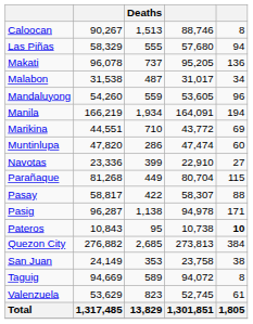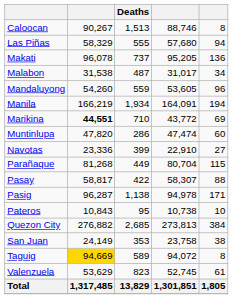 <table class="wikitable sortable plainrowheaders floatright" style="text-align:left; font-size:90%; width:auto; clear:right; margin:0 0 0.5em 1em;">
 <tr>
 <th></th>
 <th></th>
 <th>Deaths</th>
 <th></th>
 <th></th>
 </tr>
 <tr>
 <td><a href='#'>Caloocan</a></td>
 <td style="text-align:right;">90,267</td>
 <td style="text-align:right;">1,513</td>
 <td style="text-align:right;">88,746</td>
 <td style="text-align:right;">8</td>
 </tr>
 <tr>
 <td><a href='#'>Las Piñas</a></td>
 <td style="text-align:right;">58,329</td>
 <td style="text-align:right;">555</td>
 <td style="text-align:right;">57,680</td>
 <td style="text-align:right;">94</td>
 </tr>
 <tr>
 <td><a href='#'>Makati</a></td>
 <td style="text-align:right;">96,078</td>
 <td style="text-align:right;">737</td>
 <td style="text-align:right;">95,205</td>
 <td style="text-align:right;">136</td>
 </tr>
 <tr>
 <td><a href='#'>Malabon</a></td>
 <td style="text-align:right;">31,538</td>
 <td style="text-align:right;">487</td>
 <td style="text-align:right;">31,017</td>
 <td style="text-align:right;">34</td>
 </tr>
 <tr>
 <td><a href='#'>Mandaluyong</a></td>
 <td style="text-align:right;">54,260</td>
 <td style="text-align:right;">559</td>
 <td style="text-align:right;">53,605</td>
 <td style="text-align:right;">96</td>
 </tr>
 <tr>
 <td><a href='#'>Manila</a></td>
 <td style="text-align:right;">166,219</td>
 <td style="text-align:right;">1,934</td>
 <td style="text-align:right;">164,091</td>
 <td style="text-align:right;">194</td>
 </tr>
 <tr>
 <td><a href='#'>Marikina</a></td>
-<td style="text-align:right;">44,551</td>
+<td style="text-align:right;"><strong>44,551</strong></td>
 <td style="text-align:right;">710</td>
 <td style="text-align:right;">43,772</td>
 <td style="text-align:right;">69</td>
 </tr>
 <tr>
 <td><a href='#'>Muntinlupa</a></td>
 <td style="text-align:right;">47,820</td>
 <td style="text-align:right;">286</td>
 <td style="text-align:right;">47,474</td>
 <td style="text-align:right;">60</td>
 </tr>
 <tr>
 <td><a href='#'>Navotas</a></td>
 <td style="text-align:right;">23,336</td>
 <td style="text-align:right;">399</td>
 <td style="text-align:right;">22,910</td>
 <td style="text-align:right;">27</td>
 </tr>
 <tr>
 <td><a href='#'>Parañaque</a></td>
 <td style="text-align:right;">81,268</td>
 <td style="text-align:right;">449</td>
 <td style="text-align:right;">80,704</td>
 <td style="text-align:right;">115</td>
 </tr>
 <tr>
 <td><a href='#'>Pasay</a></td>
 <td style="text-align:right;">58,817</td>
 <td style="text-align:right;">422</td>
 <td style="text-align:right;">58,307</td>
 <td style="text-align:right;">88</td>
 </tr>
 <tr>
 <td><a href='#'>Pasig</a></td>
 <td style="text-align:right;">96,287</td>
 <td style="text-align:right;">1,138</td>
 <td style="text-align:right;">94,978</td>
 <td style="text-align:right;">171</td>
 </tr>
 <tr>
 <td><a href='#'>Pateros</a></td>
 <td style="text-align:right;">10,843</td>
 <td style="text-align:right;">95</td>
 <td style="text-align:right;">10,738</td>
-<td style="text-align:right;"><strong>10</strong></td>
+<td style="text-align:right;">10</td>
 </tr>
 <tr>
 <td><a href='#'>Quezon City</a></td>
 <td style="text-align:right;">276,882</td>
 <td style="text-align:right;">2,685</td>
 <td style="text-align:right;">273,813</td>
 <td style="text-align:right;">384</td>
 </tr>
 <tr>
 <td><a href='#'>San Juan</a></td>
 <td style="text-align:right;">24,149</td>
 <td style="text-align:right;">353</td>
 <td style="text-align:right;">23,758</td>
 <td style="text-align:right;">38</td>
 </tr>
 <tr>
 <td><a href='#'>Taguig</a></td>
-<td style="text-align:right;">94,669</td>
+<td style="background: gold; text-align:right;">94,669</td>
 <td style="text-align:right;">589</td>
 <td style="text-align:right;">94,072</td>
 <td style="text-align:right;">8</td>
 </tr>
 <tr>
 <td><a href='#'>Valenzuela</a></td>
 <td style="text-align:right;">53,629</td>
 <td style="text-align:right;">823</td>
 <td style="text-align:right;">52,745</td>
 <td style="text-align:right;">61</td>
 </tr>
 <tr class="sortbottom">
 <th style="text-align:left;">Total</th>
 <th style="text-align:right;"> 1,317,485</th>
 <th style="text-align:right;"> 13,829</th>
 <th style="text-align:right;"> 1,301,851</th>
 <th style="text-align:right;"> 1,805</th>
 </tr>
 <tr>
 </tr>
 </table>
